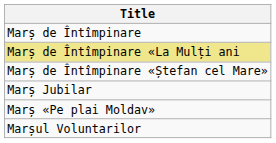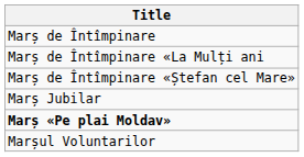 <table class="wikitable">
 <tr>
 <th>Title</th>
 </tr>
 <tr>
 <td>Marș de Întîmpinare</td>
 </tr>
 <tr>
-<td style="background: khaki;">Marș de Întîmpinare «La Mulți ani</td>
+<td>Marș de Întîmpinare «La Mulți ani</td>
 </tr>
 <tr>
 <td>Marș de Întîmpinare «Ștefan cel Mare»</td>
 </tr>
 <tr>
 <td>Marș Jubilar</td>
 </tr>
 <tr>
-<td>Marș «Pe plai Moldav»</td>
+<td><strong>Marș «Pe plai Moldav»</strong></td>
 </tr>
 <tr>
 <td>Marșul Voluntarilor</td>
 </tr>
 </table>
